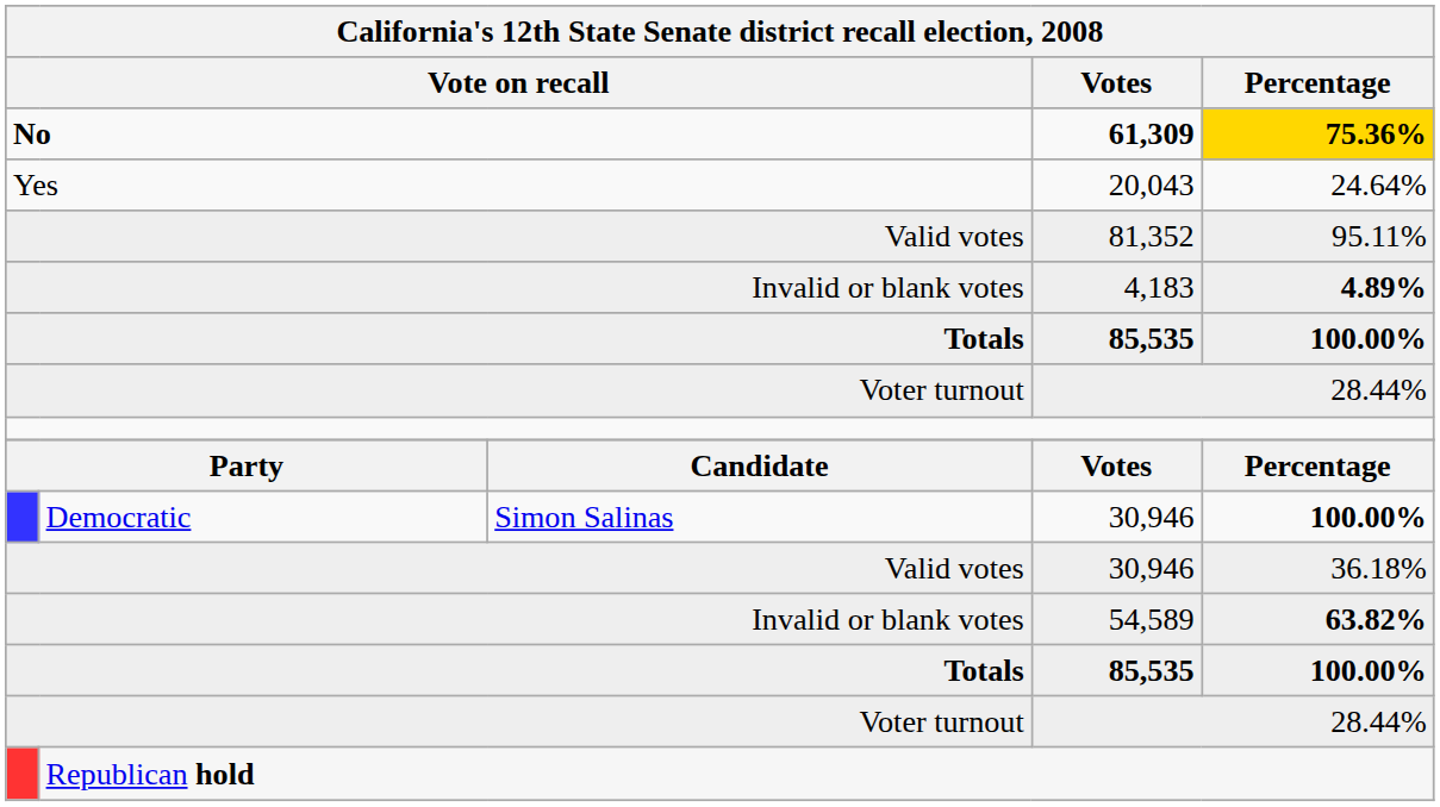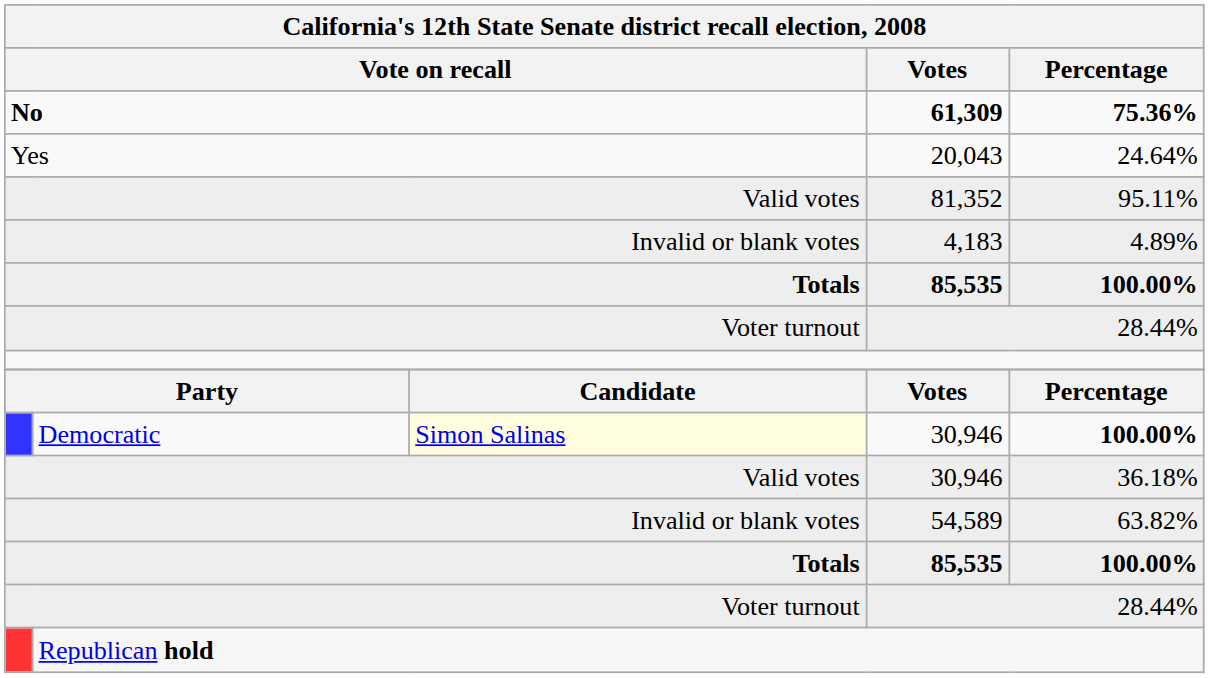 <table class="wikitable" style="font-size: 95%;">
 <tr style="background-color:#E9E9E9">
 <th colspan="5">California's 12th State Senate district recall election, 2008</th>
 </tr>
 <tr bgcolor="#EEEEEE" align="center">
 <th colspan="3" style="width: 32em">Vote on recall</th>
 <th style="width: 5em">Votes</th>
 <th style="width: 7em">Percentage</th>
 </tr>
 <tr>
 <td colspan=3> <strong>No</strong></td>
 <td align="right"><strong>61,309</strong></td>
-<td align="right" style="background: gold;"><strong>75.36%</strong></td>
+<td align="right"><strong>75.36%</strong></td>
 </tr>
 <tr>
 <td colspan=3>Yes</td>
 <td align="right">20,043</td>
 <td align="right">24.64%</td>
 </tr>
 <tr bgcolor="#EEEEEE">
 <td colspan="3" align="right">Valid votes</td>
 <td align="right">81,352</td>
 <td align="right">95.11%</td>
 </tr>
 <tr bgcolor="#EEEEEE">
 <td colspan="3" align="right">Invalid or blank votes</td>
 <td align="right">4,183</td>
-<td align="right"><strong>4.89%</strong></td>
+<td align="right">4.89%</td>
 </tr>
 <tr bgcolor="#EEEEEE">
 <td colspan="3" align="right"><strong>Totals</strong></td>
 <td align="right"><strong>85,535</strong></td>
 <td align="right"><strong>100.00%</strong></td>
 </tr>
 <tr bgcolor="#EEEEEE">
 <td colspan="3" align="right">Voter turnout</td>
 <td colspan="2" align="right">28.44%</td>
 </tr>
 <tr>
 <td colspan="5" style="height:0.3em"></td>
 </tr>
 <tr style="background-color:#3333FF">
 </tr>
 <tr bgcolor="#EEEEEE" align="center">
 <th colspan=2 style="width: 15em">Party</th>
 <th style="width: 17em">Candidate</th>
 <th style="width: 5em">Votes</th>
 <th style="width: 7em">Percentage</th>
 </tr>
 <tr>
 <th style="background-color:#3333FF; width: 3px"></th>
 <td style="width: 130px"><a href='#'>Democratic</a></td>
-<td><a href='#'>Simon Salinas</a></td>
+<td style="background: lightyellow;"><a href='#'>Simon Salinas</a></td>
 <td align="right">30,946</td>
 <td align="right"><strong>100.00%</strong></td>
 </tr>
 <tr bgcolor="#EEEEEE">
 <td colspan="3" align="right">Valid votes</td>
 <td align="right">30,946</td>
 <td align="right">36.18%</td>
 </tr>
 <tr bgcolor="#EEEEEE">
 <td colspan="3" align="right">Invalid or blank votes</td>
 <td align="right">54,589</td>
-<td align="right"><strong>63.82%</strong></td>
+<td align="right">63.82%</td>
 </tr>
 <tr bgcolor="#EEEEEE">
 <td colspan="3" align="right"><strong>Totals</strong></td>
 <td align="right"><strong>85,535</strong></td>
 <td align="right"><strong>100.00%</strong></td>
 </tr>
 <tr bgcolor="#EEEEEE">
 <td colspan="3" align="right">Voter turnout</td>
 <td colspan="2" align="right">28.44%</td>
 </tr>
 <tr style="background-color:#F6F6F6">
 <th style="background-color:#FF3333"></th>
 <td colspan="4"><a href='#'>Republican</a> <strong>hold</strong></td>
 </tr>
 </table>
